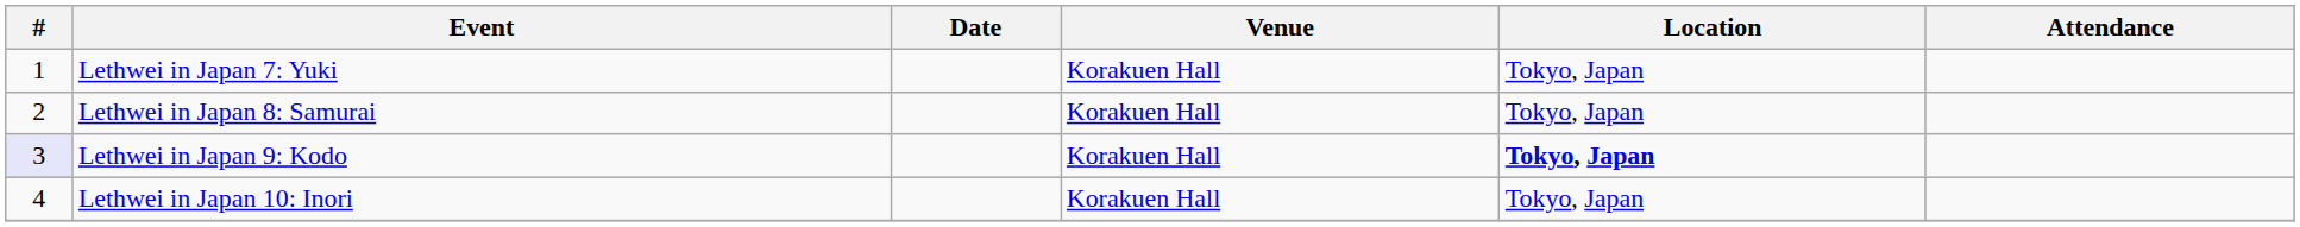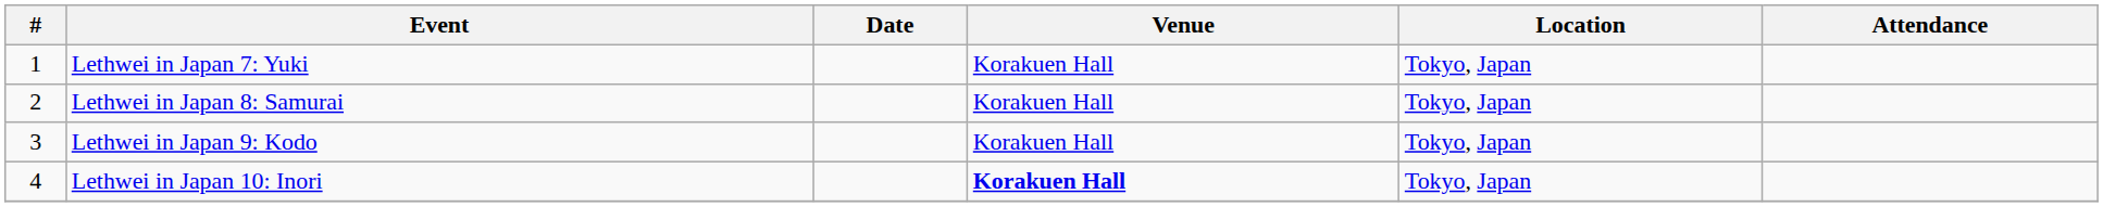 <table id="Events" class="wikitable sortable" style="width:80%; font-size:90%;">
 <tr>
 <th scope="col">#</th>
 <th scope="col">Event</th>
 <th scope="col">Date</th>
 <th scope="col">Venue</th>
 <th scope="col">Location</th>
 <th scope="col">Attendance</th>
 </tr>
 <tr>
 <td align=center>1</td>
 <td><a href='#'>Lethwei in Japan 7: Yuki</a></td>
 <td></td>
 <td><a href='#'>Korakuen Hall</a></td>
 <td> <a href='#'>Tokyo</a>, <a href='#'>Japan</a></td>
 <td></td>
 </tr>
 <tr>
 <td align=center>2</td>
 <td><a href='#'>Lethwei in Japan 8: Samurai</a></td>
 <td></td>
 <td><a href='#'>Korakuen Hall</a></td>
 <td> <a href='#'>Tokyo</a>, <a href='#'>Japan</a></td>
 <td></td>
 </tr>
 <tr>
-<td align=center style="background: lavender;">3</td>
+<td align=center>3</td>
 <td><a href='#'>Lethwei in Japan 9: Kodo</a></td>
 <td></td>
 <td><a href='#'>Korakuen Hall</a></td>
-<td><strong> <a href='#'>Tokyo</a>, <a href='#'>Japan</a></strong></td>
+<td> <a href='#'>Tokyo</a>, <a href='#'>Japan</a></td>
 <td></td>
 </tr>
 <tr>
 <td align=center>4</td>
 <td><a href='#'>Lethwei in Japan 10: Inori</a></td>
 <td></td>
-<td><a href='#'>Korakuen Hall</a></td>
+<td><strong><a href='#'>Korakuen Hall</a></strong></td>
 <td> <a href='#'>Tokyo</a>, <a href='#'>Japan</a></td>
 <td></td>
 </tr>
 <tr>
 </tr>
 </table>
